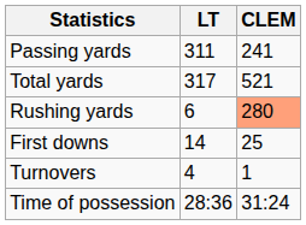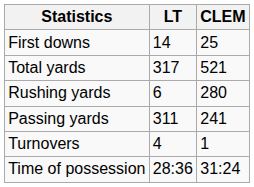 <table class="wikitable">
 <tr>
 <th>Statistics</th>
 <th>LT</th>
 <th>CLEM</th>
 </tr>
 <tr>
-<td>Passing yards</td>
-<td>311</td>
-<td>241</td>
+<td>First downs</td>
+<td>14</td>
+<td>25</td>
 </tr>
 <tr>
 <td>Total yards</td>
 <td>317</td>
 <td>521</td>
 </tr>
 <tr>
 <td>Rushing yards</td>
 <td>6</td>
-<td style="background: lightsalmon;">280</td>
+<td>280</td>
 </tr>
 <tr>
-<td>First downs</td>
-<td>14</td>
-<td>25</td>
+<td>Passing yards</td>
+<td>311</td>
+<td>241</td>
 </tr>
 <tr>
 <td>Turnovers</td>
 <td>4</td>
 <td>1</td>
 </tr>
 <tr>
 <td>Time of possession</td>
 <td>28:36</td>
 <td>31:24</td>
 </tr>
 <tr>
 </tr>
 </table>
